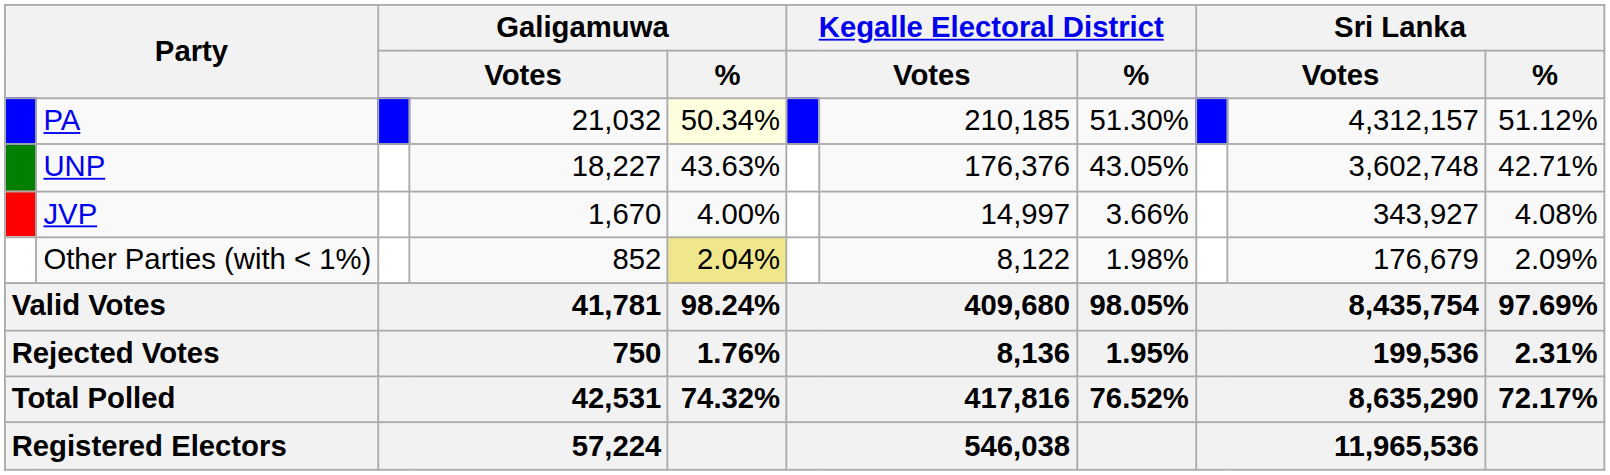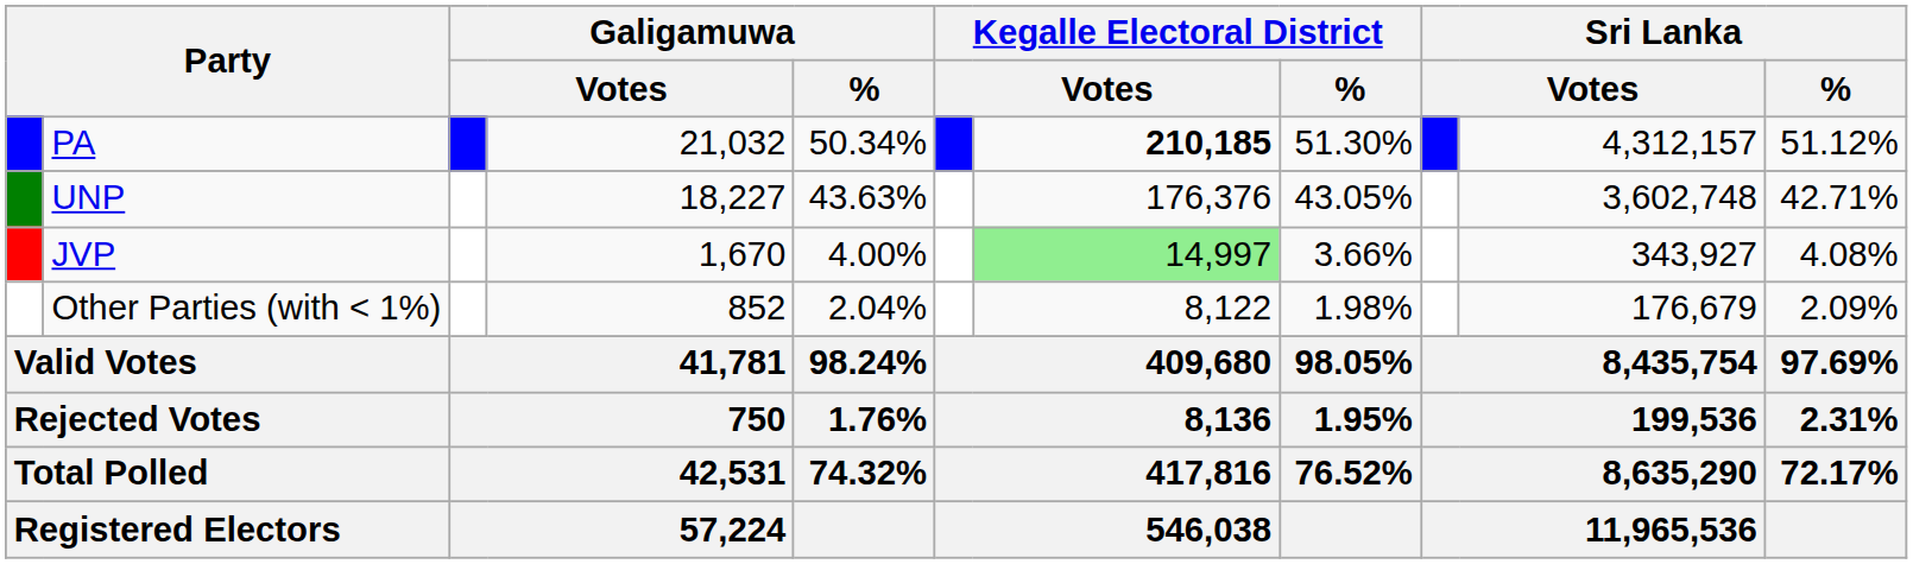 <table class="wikitable">
 <tr>
 <th colspan="2" width="144px"rowspan="2">Party</th>
 <th colspan="3" width="216px">Galigamuwa</th>
 <th colspan="3" width="216px"><a href='#'>Kegalle Electoral District</a></th>
 <th colspan="3" width="216px">Sri Lanka</th>
 </tr>
 <tr>
 <th colspan="2" width="144px">Votes</th>
 <th>%</th>
 <th colspan="2" width="144px">Votes</th>
 <th>%</th>
 <th colspan="2" width="144px">Votes</th>
 <th>%</th>
 </tr>
 <tr>
 <td style="background-color:blue;" width="10px"></td>
 <td style="text-align:left;"><a href='#'>PA</a></td>
 <td style="background-color:blue;" width="10px"></td>
 <td style="text-align:right;">21,032</td>
-<td style="background: lightyellow; text-align:right;">50.34%</td>
+<td style="text-align:right;">50.34%</td>
 <td style="background-color:blue;" width="10px"></td>
-<td style="text-align:right;">210,185</td>
+<td style="text-align:right;"><strong>210,185</strong></td>
 <td style="text-align:right;">51.30%</td>
 <td style="background-color:blue;" width="10px"></td>
 <td style="text-align:right;">4,312,157</td>
 <td style="text-align:right;">51.12%</td>
 </tr>
 <tr>
 <td style="background-color:green;" width="10px"></td>
 <td style="text-align:left;"><a href='#'>UNP</a></td>
 <td style="background-color:white;" width="10px"></td>
 <td style="text-align:right;">18,227</td>
 <td style="text-align:right;">43.63%</td>
 <td style="background-color:white;" width="10px"></td>
 <td style="text-align:right;">176,376</td>
 <td style="text-align:right;">43.05%</td>
 <td style="background-color:white;" width="10px"></td>
 <td style="text-align:right;">3,602,748</td>
 <td style="text-align:right;">42.71%</td>
 </tr>
 <tr>
 <td style="background-color:red;" width="10px"></td>
 <td style="text-align:left;"><a href='#'>JVP</a></td>
 <td style="background-color:white;" width="10px"></td>
 <td style="text-align:right;">1,670</td>
 <td style="text-align:right;">4.00%</td>
 <td style="background-color:white;" width="10px"></td>
-<td style="text-align:right;">14,997</td>
+<td style="background: lightgreen; text-align:right;">14,997</td>
 <td style="text-align:right;">3.66%</td>
 <td style="background-color:white;" width="10px"></td>
 <td style="text-align:right;">343,927</td>
 <td style="text-align:right;">4.08%</td>
 </tr>
 <tr>
 <td style="background-color:white;" width="10px"></td>
 <td style="text-align:left;">Other Parties (with < 1%)</td>
 <td style="background-color:white;" width="10px"></td>
 <td style="text-align:right;">852</td>
-<td style="background: khaki; text-align:right;">2.04%</td>
+<td style="text-align:right;">2.04%</td>
 <td style="background-color:white;" width="10px"></td>
 <td style="text-align:right;">8,122</td>
 <td style="text-align:right;">1.98%</td>
 <td style="background-color:white;" width="10px"></td>
 <td style="text-align:right;">176,679</td>
 <td style="text-align:right;">2.09%</td>
 </tr>
 <tr>
 <th colspan="2" width="144px"style="text-align:left;">Valid Votes</th>
 <th style="text-align:right;"colspan="2" width="144px">41,781</th>
 <th style="text-align:right;">98.24%</th>
 <th style="text-align:right;"colspan="2" width="144px">409,680</th>
 <th style="text-align:right;">98.05%</th>
 <th style="text-align:right;"colspan="2" width="144px">8,435,754</th>
 <th style="text-align:right;">97.69%</th>
 </tr>
 <tr>
 <th colspan="2" width="144px"style="text-align:left;">Rejected Votes</th>
 <th style="text-align:right;"colspan="2" width="144px">750</th>
 <th style="text-align:right;">1.76%</th>
 <th style="text-align:right;"colspan="2" width="144px">8,136</th>
 <th style="text-align:right;">1.95%</th>
 <th style="text-align:right;"colspan="2" width="144px">199,536</th>
 <th style="text-align:right;">2.31%</th>
 </tr>
 <tr>
 <th colspan="2" width="144px"style="text-align:left;">Total Polled</th>
 <th style="text-align:right;"colspan="2" width="144px">42,531</th>
 <th style="text-align:right;">74.32%</th>
 <th style="text-align:right;"colspan="2" width="144px">417,816</th>
 <th style="text-align:right;">76.52%</th>
 <th style="text-align:right;"colspan="2" width="144px">8,635,290</th>
 <th style="text-align:right;">72.17%</th>
 </tr>
 <tr>
 <th colspan="2" width="144px"style="text-align:left;">Registered Electors</th>
 <th style="text-align:right;"colspan="2" width="144px">57,224</th>
 <th></th>
 <th style="text-align:right;"colspan="2" width="144px">546,038</th>
 <th></th>
 <th style="text-align:right;"colspan="2" width="144px">11,965,536</th>
 <th></th>
 </tr>
 </table>
